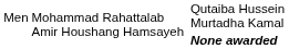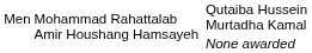 <table>
 <tr>
 <td rowspan=2>Men</td>
 <td rowspan=2><br>Mohammad Rahattalab<br>Amir Houshang Hamsayeh</td>
 <td rowspan=2></td>
 <td><br>Qutaiba Hussein<br>Murtadha Kamal</td>
 </tr>
 <tr>
-<td><strong><em>None awarded</em></strong></td>
+<td><em>None awarded</em></td>
 </tr>
 </table>
